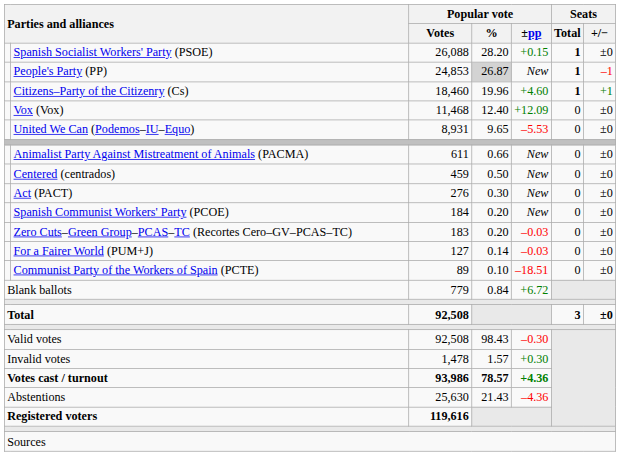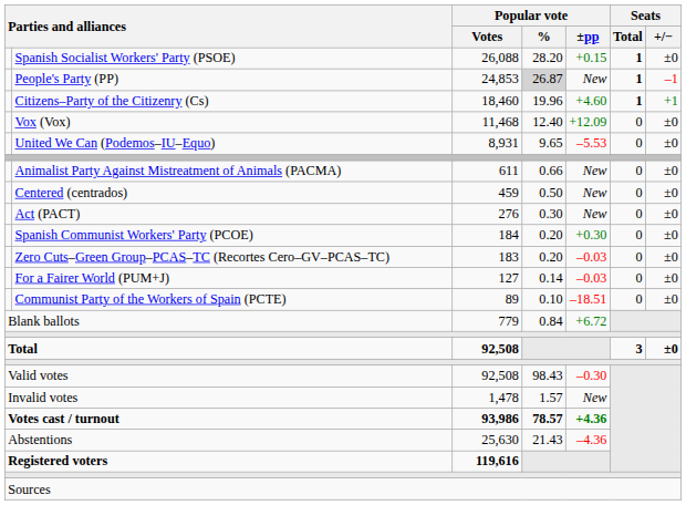 <table class="wikitable" style="text-align:right;">
 <tr>
 <th style="text-align:left;" rowspan="2" colspan="2" width="525">Parties and alliances</th>
 <th colspan="3">Popular vote</th>
 <th colspan="2">Seats</th>
 </tr>
 <tr>
 <th width="75">Votes</th>
 <th width="45">%</th>
 <th width="45">±<a href='#'>pp</a></th>
 <th width="35">Total</th>
 <th width="35">+/−</th>
 </tr>
 <tr>
 <td width="1" style="color:inherit;background:"></td>
 <td align="left"><a href='#'>Spanish Socialist Workers' Party</a> (PSOE)</td>
 <td>26,088</td>
 <td>28.20</td>
 <td style="color:green;">+0.15</td>
 <td><strong>1</strong></td>
 <td>±0</td>
 </tr>
 <tr>
 <td style="color:inherit;background:"></td>
 <td align="left"><a href='#'>People's Party</a> (PP)</td>
 <td>24,853</td>
 <td style="background: lightgrey;">26.87</td>
 <td><em>New</em></td>
 <td><strong>1</strong></td>
 <td style="color:red;">–1</td>
 </tr>
 <tr>
 <td style="color:inherit;background:"></td>
 <td align="left"><a href='#'>Citizens–Party of the Citizenry</a> (Cs)</td>
 <td>18,460</td>
 <td>19.96</td>
 <td style="color:green;">+4.60</td>
 <td><strong>1</strong></td>
 <td style="color:green;">+1</td>
 </tr>
 <tr>
 <td style="color:inherit;background:"></td>
 <td align="left"><a href='#'>Vox</a> (Vox)</td>
 <td>11,468</td>
 <td>12.40</td>
 <td style="color:green;">+12.09</td>
 <td>0</td>
 <td>±0</td>
 </tr>
 <tr>
 <td style="color:inherit;background:"></td>
 <td align="left"><a href='#'>United We Can</a> (<a href='#'>Podemos</a>–<a href='#'>IU</a>–<a href='#'>Equo</a>)</td>
 <td>8,931</td>
 <td>9.65</td>
 <td style="color:red;">–5.53</td>
 <td>0</td>
 <td>±0</td>
 </tr>
 <tr>
 <td colspan="7" bgcolor="#C0C0C0"></td>
 </tr>
 <tr>
 <td style="color:inherit;background:"></td>
 <td align="left"><a href='#'>Animalist Party Against Mistreatment of Animals</a> (PACMA)</td>
 <td>611</td>
 <td>0.66</td>
 <td><em>New</em></td>
 <td>0</td>
 <td>±0</td>
 </tr>
 <tr>
 <td style="color:inherit;background:"></td>
 <td align="left"><a href='#'>Centered</a> (centrados)</td>
 <td>459</td>
 <td>0.50</td>
 <td><em>New</em></td>
 <td>0</td>
 <td>±0</td>
 </tr>
 <tr>
 <td style="color:inherit;background:"></td>
 <td align="left"><a href='#'>Act</a> (PACT)</td>
 <td>276</td>
 <td>0.30</td>
 <td><em>New</em></td>
 <td>0</td>
 <td>±0</td>
 </tr>
 <tr>
 <td style="color:inherit;background:"></td>
 <td align="left"><a href='#'>Spanish Communist Workers' Party</a> (PCOE)</td>
 <td>184</td>
 <td>0.20</td>
-<td><em>New</em></td>
+<td style="color:green;">+0.30</td>
 <td>0</td>
 <td>±0</td>
 </tr>
 <tr>
 <td style="color:inherit;background:"></td>
 <td align="left"><a href='#'>Zero Cuts</a>–<a href='#'>Green Group</a>–<a href='#'>PCAS</a>–<a href='#'>TC</a> (Recortes Cero–GV–PCAS–TC)</td>
 <td>183</td>
 <td>0.20</td>
 <td style="color:red;">–0.03</td>
 <td>0</td>
 <td>±0</td>
 </tr>
 <tr>
 <td style="color:inherit;background:"></td>
 <td align="left"><a href='#'>For a Fairer World</a> (PUM+J)</td>
 <td>127</td>
 <td>0.14</td>
 <td style="color:red;">–0.03</td>
 <td>0</td>
 <td>±0</td>
 </tr>
 <tr>
 <td style="color:inherit;background:"></td>
 <td align="left"><a href='#'>Communist Party of the Workers of Spain</a> (PCTE)</td>
 <td>89</td>
 <td>0.10</td>
 <td style="color:red;">–18.51</td>
 <td>0</td>
 <td>±0</td>
 </tr>
 <tr>
 <td align="left" colspan="2">Blank ballots</td>
 <td>779</td>
 <td>0.84</td>
 <td style="color:green;">+6.72</td>
 <td bgcolor="#E9E9E9" colspan="2"></td>
 </tr>
 <tr>
 <td colspan="7" bgcolor="#E9E9E9"></td>
 </tr>
 <tr style="font-weight:bold;">
 <td align="left" colspan="2">Total</td>
 <td>92,508</td>
 <td bgcolor="#E9E9E9" colspan="2"></td>
 <td>3</td>
 <td>±0</td>
 </tr>
 <tr>
 <td colspan="7" bgcolor="#E9E9E9"></td>
 </tr>
 <tr>
 <td align="left" colspan="2">Valid votes</td>
 <td>92,508</td>
 <td>98.43</td>
 <td style="color:red;">–0.30</td>
 <td bgcolor="#E9E9E9" colspan="2" rowspan="5"></td>
 </tr>
 <tr>
 <td align="left" colspan="2">Invalid votes</td>
 <td>1,478</td>
 <td>1.57</td>
-<td style="color:green;">+0.30</td>
+<td><em>New</em></td>
 </tr>
 <tr style="font-weight:bold;">
 <td align="left" colspan="2">Votes cast / turnout</td>
 <td>93,986</td>
 <td>78.57</td>
 <td style="color:green;">+4.36</td>
 </tr>
 <tr>
 <td align="left" colspan="2">Abstentions</td>
 <td>25,630</td>
 <td>21.43</td>
 <td style="color:red;">–4.36</td>
 </tr>
 <tr style="font-weight:bold;">
 <td align="left" colspan="2">Registered voters</td>
 <td>119,616</td>
 <td bgcolor="#E9E9E9" colspan="2"></td>
 </tr>
 <tr>
 <td colspan="7" bgcolor="#E9E9E9"></td>
 </tr>
 <tr>
 <td align="left" colspan="7">Sources</td>
 </tr>
 </table>
